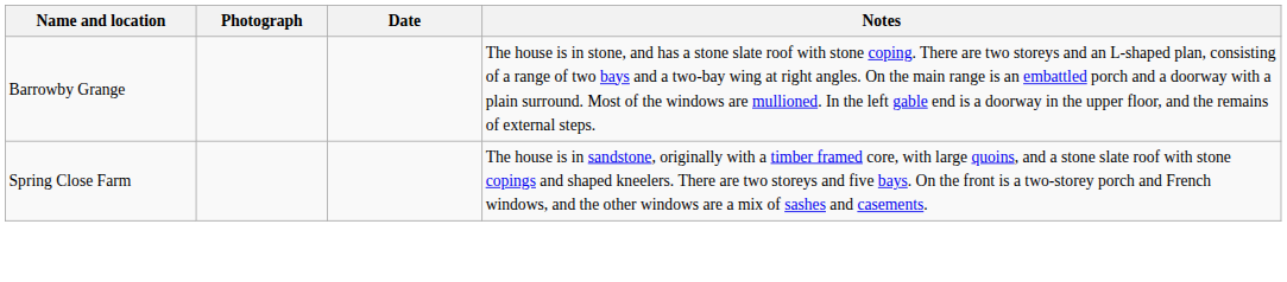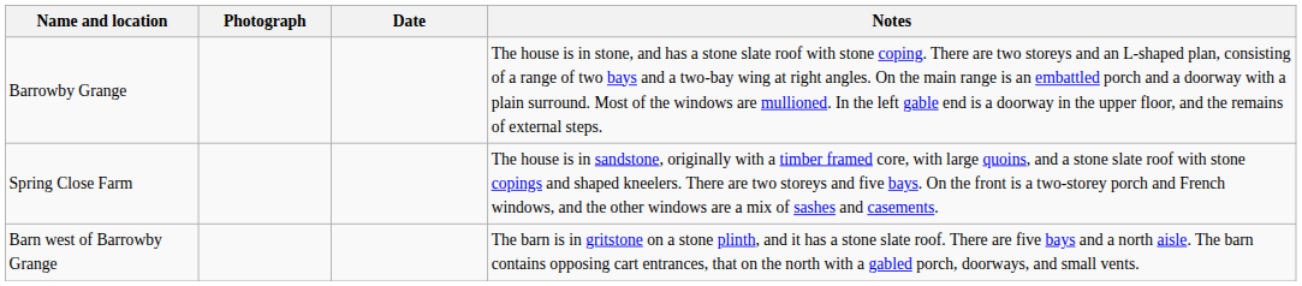 <table class="wikitable sortable plainrowheaders" style="width:100%;border:0px;text-align:left;line-height:150%;">
 <tr>
 <th scope="col"  style="width:150px">Name and location</th>
 <th scope="col"  style="width:100px" class="unsortable">Photograph</th>
 <th scope="col"  style="width:120px">Date</th>
 <th scope="col"  style="width:650px" class="unsortable">Notes</th>
 </tr>
 <tr>
 <td>Barrowby Grange<br><small></small></td>
 <td></td>
 <td align="center"></td>
 <td>The house is in stone, and has a stone slate roof with stone <a href='#'>coping</a>. There are two storeys and an L-shaped plan, consisting of a range of two <a href='#'>bays</a> and a two-bay wing at right angles. On the main range is an <a href='#'>embattled</a> porch and a doorway with a plain surround. Most of the windows are <a href='#'>mullioned</a>. In the left <a href='#'>gable</a> end is a doorway in the upper floor, and the remains of external steps.</td>
 </tr>
 <tr>
 <td>Spring Close Farm<br><small></small></td>
 <td></td>
 <td align="center"></td>
 <td>The house is in <a href='#'>sandstone</a>, originally with a <a href='#'>timber framed</a> core, with large <a href='#'>quoins</a>, and a stone slate roof with stone <a href='#'>copings</a> and shaped kneelers. There are two storeys and five <a href='#'>bays</a>. On the front is a two-storey porch and French windows, and the other windows are a mix of <a href='#'>sashes</a> and <a href='#'>casements</a>.</td>
 </tr>
 <tr>
+<td>Barn west of Barrowby Grange<br><small></small></td>
+<td></td>
+<td align="center"></td>
+<td>The barn is in <a href='#'>gritstone</a> on a stone <a href='#'>plinth</a>, and it has a stone slate roof. There are five <a href='#'>bays</a> and a north <a href='#'>aisle</a>. The barn contains opposing cart entrances, that on the north with a <a href='#'>gabled</a> porch, doorways, and small vents.</td>
+</tr>
+<tr>
 </tr>
 </table>
